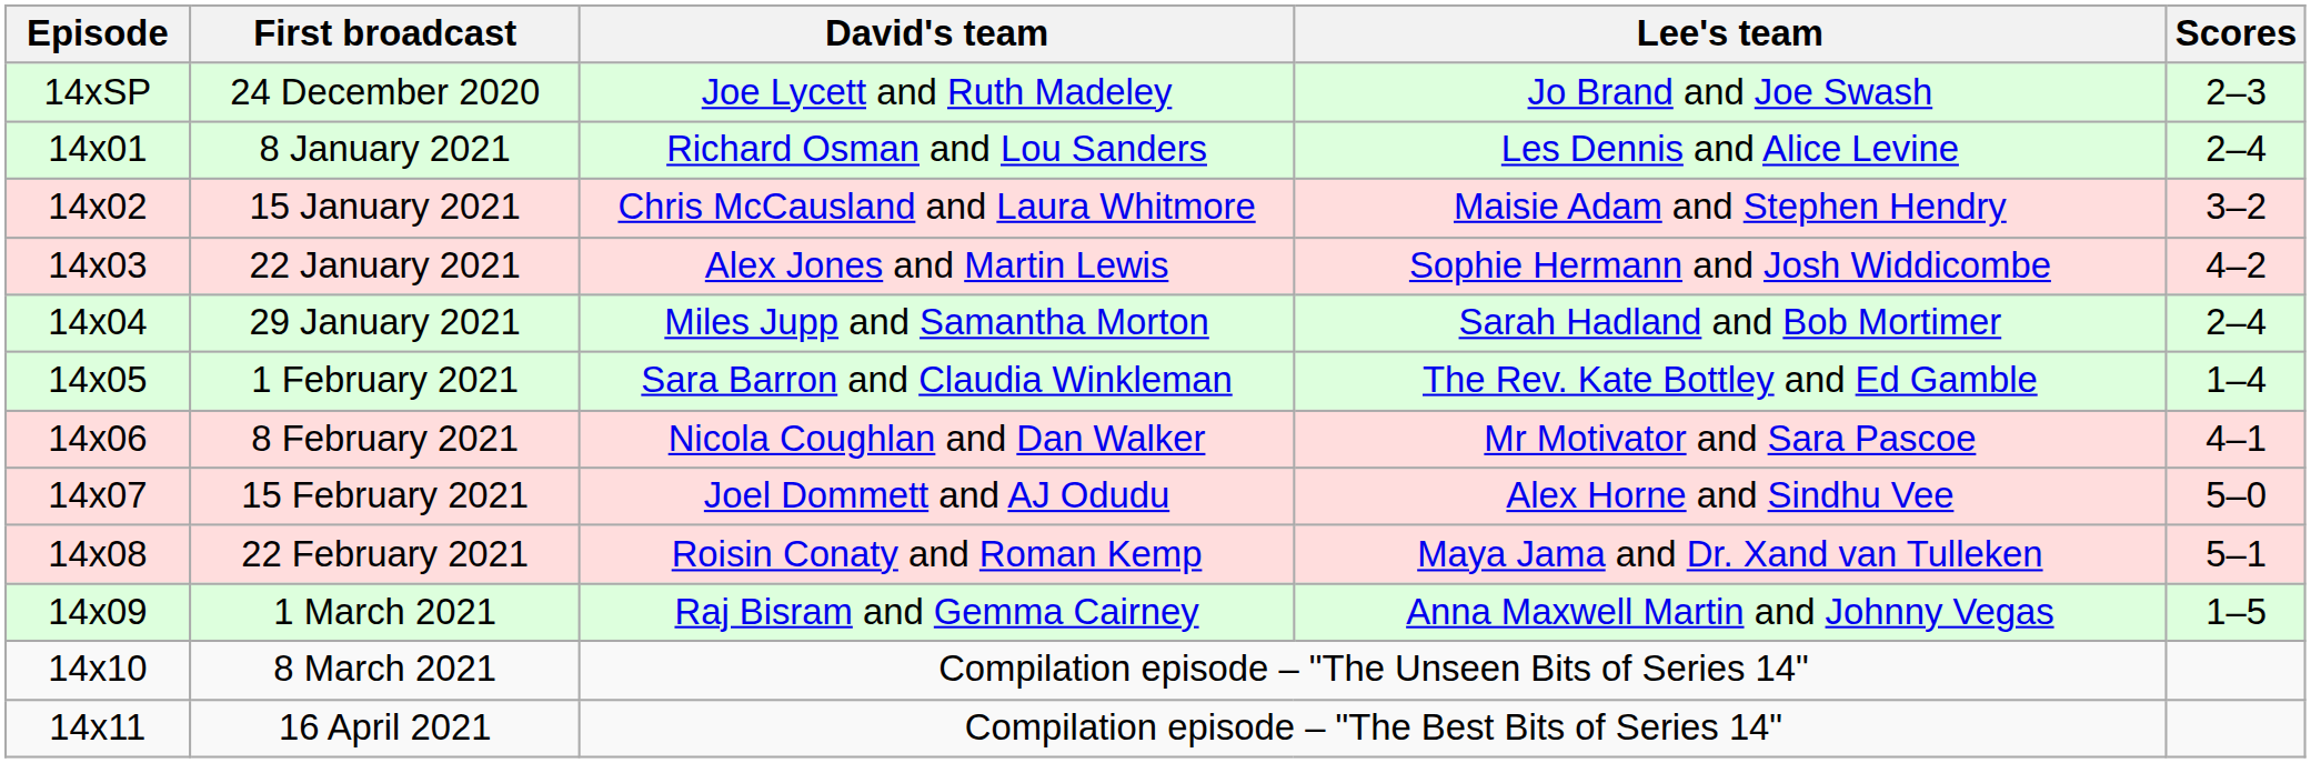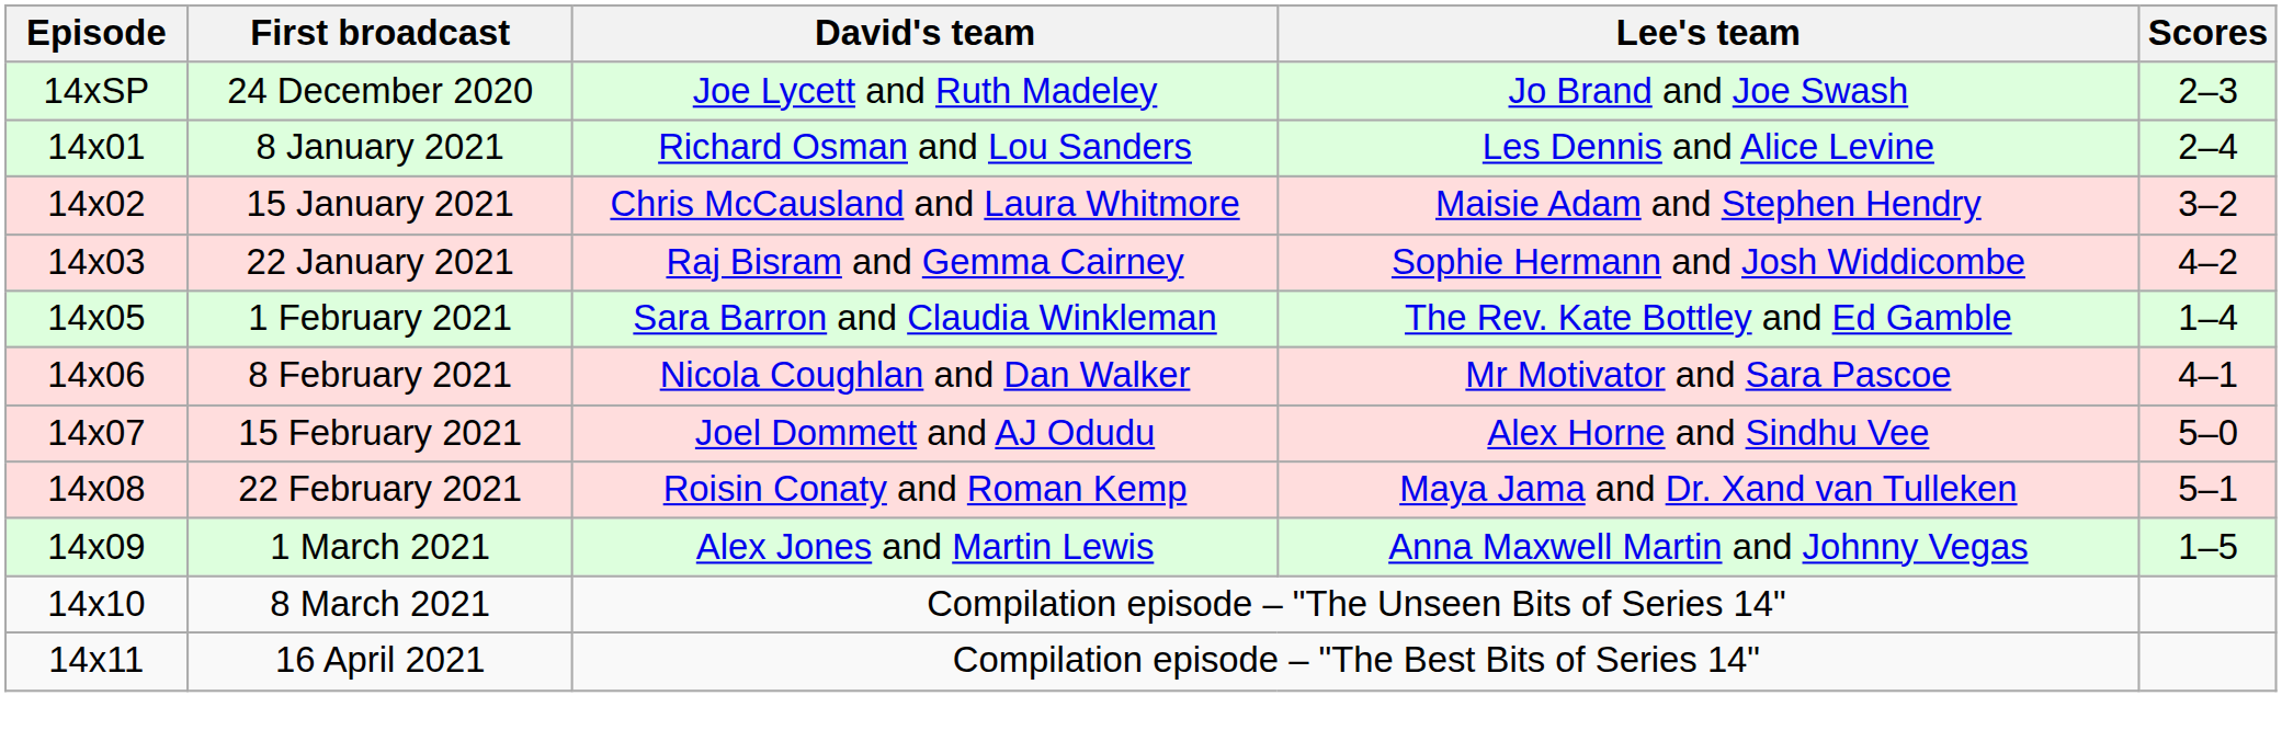 <table class="wikitable"  style="width:80%; left:0 auto; text-align:center;">
 <tr>
 <th style="width:8%;">Episode</th>
 <th style="width:17%;">First broadcast</th>
 <th style="width:31%;">David's team</th>
 <th style="width:38%;">Lee's team</th>
 <th style="width:6%;">Scores</th>
 </tr>
 <tr style="background:#dfd;">
 <td>14xSP</td>
 <td>24 December 2020</td>
 <td><a href='#'>Joe Lycett</a> and <a href='#'>Ruth Madeley</a></td>
 <td><a href='#'>Jo Brand</a> and <a href='#'>Joe Swash</a></td>
 <td>2–3</td>
 </tr>
 <tr style="background:#dfd;">
 <td>14x01</td>
 <td>8 January 2021</td>
 <td><a href='#'>Richard Osman</a> and <a href='#'>Lou Sanders</a></td>
 <td><a href='#'>Les Dennis</a> and <a href='#'>Alice Levine</a></td>
 <td>2–4</td>
 </tr>
 <tr style="background:#fdd;">
 <td>14x02</td>
 <td>15 January 2021</td>
 <td><a href='#'>Chris McCausland</a> and <a href='#'>Laura Whitmore</a></td>
 <td><a href='#'>Maisie Adam</a> and <a href='#'>Stephen Hendry</a></td>
 <td>3–2</td>
 </tr>
 <tr style="background:#fdd;">
 <td>14x03</td>
 <td>22 January 2021</td>
-<td><a href='#'>Alex Jones</a> and <a href='#'>Martin Lewis</a></td>
+<td><a href='#'>Raj Bisram</a> and <a href='#'>Gemma Cairney</a></td>
 <td><a href='#'>Sophie Hermann</a> and <a href='#'>Josh Widdicombe</a></td>
 <td>4–2</td>
-</tr>
-<tr style="background:#dfd;">
-<td>14x04</td>
-<td>29 January 2021</td>
-<td><a href='#'>Miles Jupp</a> and <a href='#'>Samantha Morton</a></td>
-<td><a href='#'>Sarah Hadland</a> and <a href='#'>Bob Mortimer</a></td>
-<td>2–4</td>
 </tr>
 <tr style="background:#dfd;">
 <td>14x05</td>
 <td>1 February 2021</td>
 <td><a href='#'>Sara Barron</a> and <a href='#'>Claudia Winkleman</a></td>
 <td><a href='#'>The Rev. Kate Bottley</a> and <a href='#'>Ed Gamble</a></td>
 <td>1–4</td>
 </tr>
 <tr style="background:#fdd;">
 <td>14x06</td>
 <td>8 February 2021</td>
 <td><a href='#'>Nicola Coughlan</a> and <a href='#'>Dan Walker</a></td>
 <td><a href='#'>Mr Motivator</a> and <a href='#'>Sara Pascoe</a></td>
 <td>4–1</td>
 </tr>
 <tr style="background:#fdd;">
 <td>14x07</td>
 <td>15 February 2021</td>
 <td><a href='#'>Joel Dommett</a> and <a href='#'>AJ Odudu</a></td>
 <td><a href='#'>Alex Horne</a> and <a href='#'>Sindhu Vee</a></td>
 <td>5–0</td>
 </tr>
 <tr style="background:#fdd;">
 <td>14x08</td>
 <td>22 February 2021</td>
 <td><a href='#'>Roisin Conaty</a> and <a href='#'>Roman Kemp</a></td>
 <td><a href='#'>Maya Jama</a> and <a href='#'>Dr. Xand van Tulleken</a></td>
 <td>5–1</td>
 </tr>
 <tr style="background:#dfd;">
 <td>14x09</td>
 <td>1 March 2021</td>
-<td><a href='#'>Raj Bisram</a> and <a href='#'>Gemma Cairney</a></td>
+<td><a href='#'>Alex Jones</a> and <a href='#'>Martin Lewis</a></td>
 <td><a href='#'>Anna Maxwell Martin</a> and <a href='#'>Johnny Vegas</a></td>
 <td>1–5</td>
 </tr>
 <tr>
 <td>14x10</td>
 <td>8 March 2021</td>
 <td colspan="2">Compilation episode – "The Unseen Bits of Series 14"</td>
 <td></td>
 </tr>
 <tr>
 <td>14x11</td>
 <td>16 April 2021</td>
 <td colspan="2">Compilation episode – "The Best Bits of Series 14"</td>
 <td></td>
 </tr>
 </table>
